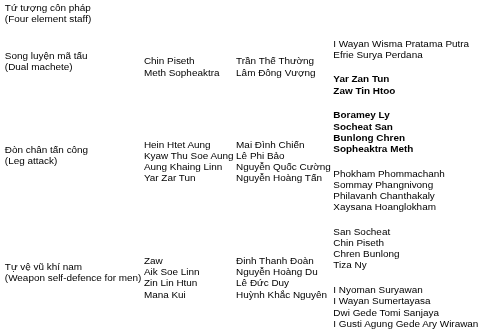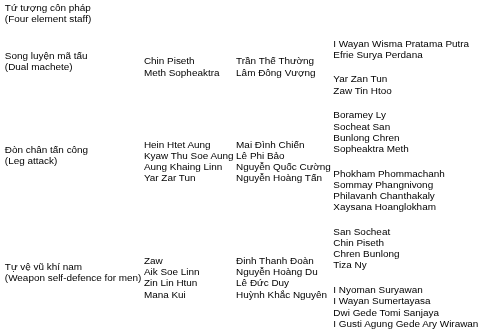 <table>
 <tr>
 <td rowspan=2>Tứ tượng côn pháp<br>(Four element staff)</td>
 <td rowspan=2></td>
 <td rowspan=2></td>
 <td></td>
 </tr>
 <tr>
 <td></td>
 </tr>
 <tr>
 <td rowspan=2>Song luyện mã tấu<br>(Dual machete)</td>
 <td rowspan=2><br>Chin Piseth<br>Meth Sopheaktra</td>
 <td rowspan=2><br>Trần Thế Thường<br>Lâm Đông Vượng</td>
 <td><br>I Wayan Wisma Pratama Putra<br>Efrie Surya Perdana</td>
 </tr>
 <tr>
-<td><strong><br>Yar Zan Tun<br>Zaw Tin Htoo</strong></td>
+<td><br>Yar Zan Tun<br>Zaw Tin Htoo</td>
 </tr>
 <tr>
 <td rowspan=2>Đòn chân tấn công<br>(Leg attack)</td>
 <td rowspan=2><br>Hein Htet Aung<br>Kyaw Thu Soe Aung<br>Aung Khaing Linn<br>Yar Zar Tun</td>
 <td rowspan=2><br>Mai Đình Chiến<br>Lê Phi Bảo<br>Nguyễn Quốc Cường<br>Nguyễn Hoàng Tấn</td>
-<td><strong><br>Boramey Ly<br>Socheat San<br>Bunlong Chren<br>Sopheaktra Meth</strong></td>
+<td><br>Boramey Ly<br>Socheat San<br>Bunlong Chren<br>Sopheaktra Meth</td>
 </tr>
 <tr>
 <td><br>Phokham Phommachanh<br>Sommay Phangnivong<br>Philavanh Chanthakaly<br>Xaysana Hoanglokham</td>
 </tr>
 <tr>
 <td rowspan=2>Tự vệ vũ khí nam<br>(Weapon self-defence for men)</td>
 <td rowspan=2><br>Zaw<br>Aik Soe Linn<br>Zin Lin Htun<br>Mana Kui</td>
 <td rowspan=2><br>Đinh Thanh Đoàn<br>Nguyễn Hoàng Du<br>Lê Đức Duy<br>Huỳnh Khắc Nguyên</td>
 <td><br>San Socheat<br>Chin Piseth<br>Chren Bunlong<br>Tiza Ny</td>
 </tr>
 <tr>
 <td><br>I Nyoman Suryawan<br>I Wayan Sumertayasa<br>Dwi Gede Tomi Sanjaya<br>I Gusti Agung Gede Ary Wirawan</td>
 </tr>
 </table>
